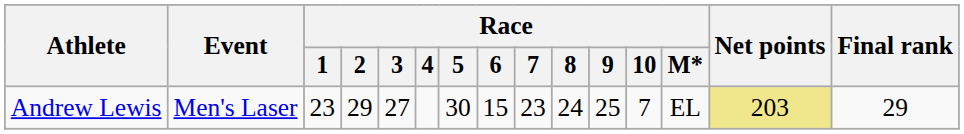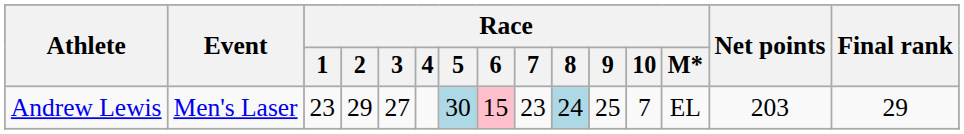 <table class="wikitable" style="font-size:90%">
 <tr>
 <th rowspan="2">Athlete</th>
 <th rowspan="2">Event</th>
 <th colspan=11>Race</th>
 <th rowspan=2>Net points</th>
 <th rowspan=2>Final rank</th>
 </tr>
 <tr style="font-size:95%">
 <th>1</th>
 <th>2</th>
 <th>3</th>
 <th>4</th>
 <th>5</th>
 <th>6</th>
 <th>7</th>
 <th>8</th>
 <th>9</th>
 <th>10</th>
 <th>M*</th>
 </tr>
 <tr align=center>
 <td align=left><a href='#'>Andrew Lewis</a></td>
 <td align=left><a href='#'>Men's Laser</a></td>
 <td>23</td>
 <td>29</td>
 <td>27</td>
 <td></td>
-<td>30</td>
-<td>15</td>
+<td style="background: lightblue;">30</td>
+<td style="background: pink;">15</td>
 <td>23</td>
-<td>24</td>
+<td style="background: lightblue;">24</td>
 <td>25</td>
 <td>7</td>
 <td>EL</td>
-<td style="background: khaki;">203</td>
+<td>203</td>
 <td>29</td>
 </tr>
 </table>
